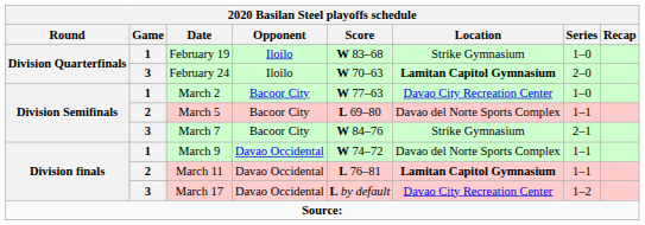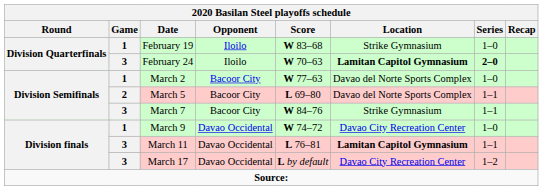 <table class="wikitable" style="text-align:center">
 <tr>
 <th colspan=8>2020 Basilan Steel playoffs schedule</th>
 </tr>
 <tr>
 <th>Round</th>
 <th>Game</th>
 <th>Date</th>
 <th>Opponent</th>
 <th>Score</th>
 <th>Location</th>
 <th>Series</th>
 <th>Recap<br></th>
 </tr>
 <tr style="background:#cfc">
 <th rowspan=2>Division Quarterfinals</th>
 <th>1</th>
 <td>February 19</td>
 <td><a href='#'>Iloilo</a></td>
 <td><strong>W</strong> 83–68</td>
 <td>Strike Gymnasium</td>
 <td>1–0</td>
 <td></td>
 </tr>
 <tr style="background:#cfc">
 <th>3</th>
 <td>February 24</td>
 <td>Iloilo</td>
 <td><strong>W</strong> 70–63</td>
 <td><strong>Lamitan Capitol Gymnasium</strong></td>
-<td>2–0</td>
+<td><strong>2–0</strong></td>
 <td><br></td>
 </tr>
 <tr style="background:#cfc">
 <th rowspan=3>Division Semifinals</th>
 <th>1</th>
 <td>March 2</td>
 <td><a href='#'>Bacoor City</a></td>
 <td><strong>W</strong> 77–63</td>
-<td><a href='#'>Davao City Recreation Center</a></td>
+<td>Davao del Norte Sports Complex</td>
 <td>1–0</td>
 <td></td>
 </tr>
 <tr style="background:#fcc">
 <th>2</th>
 <td>March 5</td>
 <td>Bacoor City</td>
 <td><strong>L</strong> 69–80</td>
 <td>Davao del Norte Sports Complex</td>
 <td>1–1</td>
 <td></td>
 </tr>
 <tr style="background:#cfc">
 <th>3</th>
 <td>March 7</td>
 <td>Bacoor City</td>
 <td><strong>W</strong> 84–76</td>
 <td>Strike Gymnasium</td>
-<td>2–1</td>
+<td>1–1</td>
 <td><br></td>
 </tr>
 <tr style="background:#cfc">
 <th rowspan=3>Division finals</th>
 <th>1</th>
 <td>March 9</td>
 <td><a href='#'>Davao Occidental</a></td>
 <td><strong>W</strong> 74–72</td>
-<td>Davao del Norte Sports Complex</td>
-<td>1–1</td>
+<td><a href='#'>Davao City Recreation Center</a></td>
+<td>1–0</td>
 <td></td>
 </tr>
 <tr style="background:#fcc">
-<th>2</th>
+<th>3</th>
 <td>March 11</td>
 <td>Davao Occidental</td>
 <td><strong>L</strong> 76–81</td>
 <td><strong>Lamitan Capitol Gymnasium</strong></td>
 <td>1–1</td>
 <td></td>
 </tr>
 <tr style="background:#fcc">
 <th>3</th>
 <td>March 17</td>
 <td>Davao Occidental</td>
 <td><strong>L</strong> <em>by default</em></td>
 <td><a href='#'>Davao City Recreation Center</a></td>
 <td>1–2</td>
 <td></td>
 </tr>
 <tr>
 <td colspan=8 align=center><strong>Source: </strong></td>
 </tr>
 </table>
